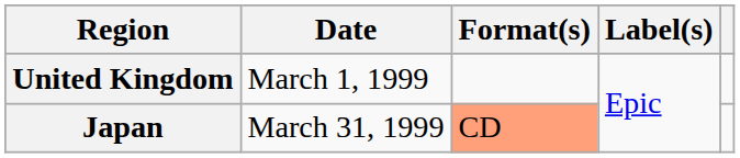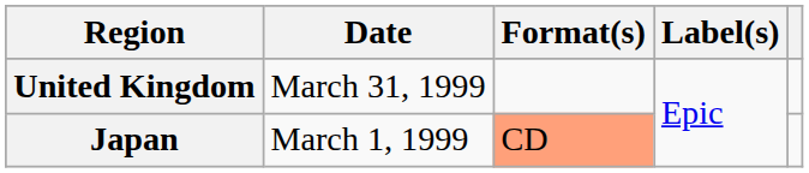 <table class="wikitable plainrowheaders">
 <tr>
 <th scope="col">Region</th>
 <th scope="col">Date</th>
 <th scope="col">Format(s)</th>
 <th scope="col">Label(s)</th>
 <th scope="col"></th>
 </tr>
 <tr>
 <th scope="row">United Kingdom</th>
-<td>March 1, 1999</td>
+<td>March 31, 1999</td>
 <td></td>
 <td rowspan="2"><a href='#'>Epic</a></td>
 <td></td>
 </tr>
 <tr>
 <th scope="row">Japan</th>
-<td>March 31, 1999</td>
+<td>March 1, 1999</td>
 <td style="background: lightsalmon;">CD</td>
 <td></td>
 </tr>
 </table>
